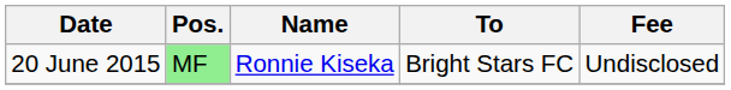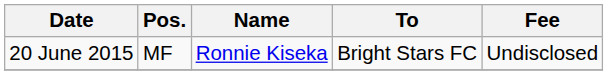 <table class="wikitable">
 <tr>
 <th>Date</th>
 <th>Pos.</th>
 <th>Name</th>
 <th>To</th>
 <th>Fee</th>
 </tr>
 <tr>
 <td>20 June 2015</td>
-<td style="background: lightgreen;">MF</td>
+<td>MF</td>
 <td> <a href='#'>Ronnie Kiseka</a></td>
 <td> Bright Stars FC</td>
 <td>Undisclosed</td>
 </tr>
 <tr>
 </tr>
 </table>
